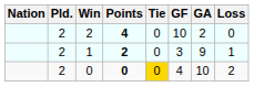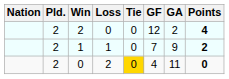 <table class="wikitable" style="text-align:center;">
 <tr>
 <th>Nation</th>
 <th>Pld.</th>
 <th>Win</th>
-<th>Points</th>
+<th>Loss</th>
 <th>Tie</th>
 <th>GF</th>
 <th>GA</th>
-<th>Loss</th>
+<th>Points</th>
 </tr>
 <tr bgcolor=eeffff>
 <td align="left"></td>
 <td>2</td>
 <td>2</td>
+<td>0</td>
+<td>0</td>
+<td>12</td>
+<td>2</td>
 <td><strong>4</strong></td>
-<td>0</td>
-<td>10</td>
-<td>2</td>
-<td>0</td>
 </tr>
 <tr bgcolor=eeffff>
 <td align="left"></td>
 <td>2</td>
 <td>1</td>
+<td>1</td>
+<td>0</td>
+<td>7</td>
+<td>9</td>
 <td><strong>2</strong></td>
-<td>0</td>
-<td>3</td>
-<td>9</td>
-<td>1</td>
 </tr>
 <tr>
 <td align="left"></td>
 <td>2</td>
 <td>0</td>
-<td><strong>0</strong></td>
+<td>2</td>
 <td style="background: gold;">0</td>
 <td>4</td>
-<td>10</td>
-<td>2</td>
+<td>11</td>
+<td><strong>0</strong></td>
 </tr>
 </table>
